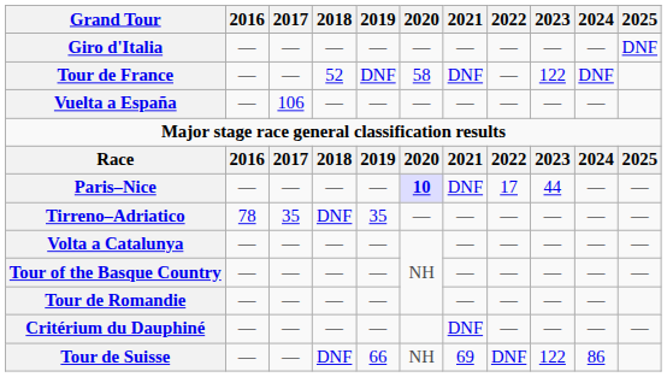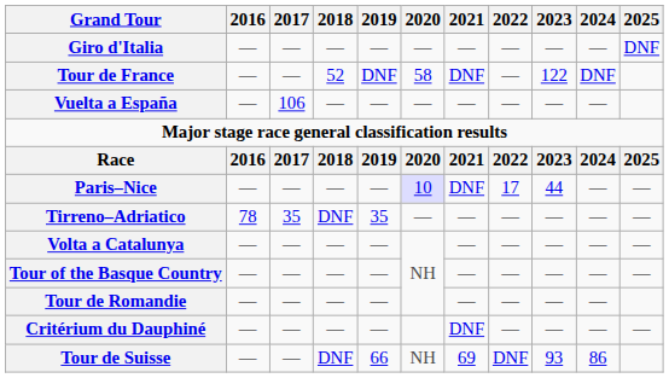 <table class="wikitable plainrowheaders">
 <tr>
 <th scope="col"><a href='#'>Grand Tour</a></th>
 <th scope="col">2016</th>
 <th scope="col">2017</th>
 <th scope="col">2018</th>
 <th scope="col">2019</th>
 <th scope="col">2020</th>
 <th scope="col">2021</th>
 <th scope="col">2022</th>
 <th scope="col">2023</th>
 <th scope="col">2024</th>
 <th scope="col">2025</th>
 </tr>
 <tr style="text-align:center;">
 <th scope="row"> <a href='#'>Giro d'Italia</a></th>
 <td>—</td>
 <td>—</td>
 <td>—</td>
 <td>—</td>
 <td>—</td>
 <td>—</td>
 <td>—</td>
 <td>—</td>
 <td>—</td>
 <td><a href='#'>DNF</a></td>
 </tr>
 <tr style="text-align:center;">
 <th scope="row"> <a href='#'>Tour de France</a></th>
 <td>—</td>
 <td>—</td>
 <td><a href='#'>52</a></td>
 <td><a href='#'>DNF</a></td>
 <td><a href='#'>58</a></td>
 <td><a href='#'>DNF</a></td>
 <td>—</td>
 <td><a href='#'>122</a></td>
 <td><a href='#'>DNF</a></td>
 <td></td>
 </tr>
 <tr style="text-align:center;">
 <th scope="row"> <a href='#'>Vuelta a España</a></th>
 <td>—</td>
 <td><a href='#'>106</a></td>
 <td>—</td>
 <td>—</td>
 <td>—</td>
 <td>—</td>
 <td>—</td>
 <td>—</td>
 <td>—</td>
 <td></td>
 </tr>
 <tr>
 <td colspan=11 align="center"><strong>Major stage race general classification results</strong></td>
 </tr>
 <tr>
 <th scope="col">Race</th>
 <th scope="col">2016</th>
 <th scope="col">2017</th>
 <th scope="col">2018</th>
 <th scope="col">2019</th>
 <th scope="col">2020</th>
 <th scope="col">2021</th>
 <th scope="col">2022</th>
 <th scope="col">2023</th>
 <th scope="col">2024</th>
 <th scope="col">2025</th>
 </tr>
 <tr style="text-align:center;">
 <th scope="row"> <a href='#'>Paris–Nice</a></th>
 <td>—</td>
 <td>—</td>
 <td>—</td>
 <td>—</td>
-<td style="background:#ddf;"><strong><a href='#'>10</a></strong></td>
+<td style="background:#ddf;"><a href='#'>10</a></td>
 <td><a href='#'>DNF</a></td>
 <td><a href='#'>17</a></td>
 <td><a href='#'>44</a></td>
 <td>—</td>
 <td>—</td>
 </tr>
 <tr style="text-align:center;">
 <th scope="row"> <a href='#'>Tirreno–Adriatico</a></th>
 <td><a href='#'>78</a></td>
 <td><a href='#'>35</a></td>
 <td><a href='#'>DNF</a></td>
 <td><a href='#'>35</a></td>
 <td>—</td>
 <td>—</td>
 <td>—</td>
 <td>—</td>
 <td>—</td>
 <td>—</td>
 </tr>
 <tr style="text-align:center;">
 <th scope="row"> <a href='#'>Volta a Catalunya</a></th>
 <td>—</td>
 <td>—</td>
 <td>—</td>
 <td>—</td>
 <td style="color:#4d4d4d;" rowspan=3>NH</td>
 <td>—</td>
 <td>—</td>
 <td>—</td>
 <td>—</td>
 <td>—</td>
 </tr>
 <tr style="text-align:center;">
 <th scope="row"> <a href='#'>Tour of the Basque Country</a></th>
 <td>—</td>
 <td>—</td>
 <td>—</td>
 <td>—</td>
 <td>—</td>
 <td>—</td>
 <td>—</td>
 <td>—</td>
 <td>—</td>
 </tr>
 <tr style="text-align:center;">
 <th scope="row"> <a href='#'>Tour de Romandie</a></th>
 <td>—</td>
 <td>—</td>
 <td>—</td>
 <td>—</td>
 <td>—</td>
 <td>—</td>
 <td>—</td>
 <td>—</td>
 </tr>
 <tr style="text-align:center;">
 <th scope="row"> <a href='#'>Critérium du Dauphiné</a></th>
 <td>—</td>
 <td>—</td>
 <td>—</td>
 <td>—</td>
 <td></td>
 <td><a href='#'>DNF</a></td>
 <td>—</td>
 <td>—</td>
 <td>—</td>
 <td>—</td>
 </tr>
 <tr style="text-align:center;">
 <th scope="row"> <a href='#'>Tour de Suisse</a></th>
 <td>—</td>
 <td>—</td>
 <td><a href='#'>DNF</a></td>
 <td><a href='#'>66</a></td>
 <td style="color:#4d4d4d;">NH</td>
 <td><a href='#'>69</a></td>
 <td><a href='#'>DNF</a></td>
-<td><a href='#'>122</a></td>
+<td><a href='#'>93</a></td>
 <td><a href='#'>86</a></td>
 <td></td>
 </tr>
 </table>
